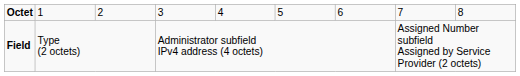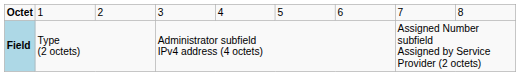 <table class="wikitable" style="width: 800px">
 <tr>
 <td><strong>Octet</strong></td>
 <td width=12%>1</td>
 <td width=12%>2</td>
 <td width=12%>3</td>
 <td width=12%>4</td>
 <td width=12%>5</td>
 <td width=12%>6</td>
 <td width=12%>7</td>
 <td width=12%>8</td>
 </tr>
 <tr>
-<td><strong>Field</strong></td>
+<td style="background: lightblue;"><strong>Field</strong></td>
 <td colspan=2>Type<br>(2 octets)</td>
 <td colspan=4>Administrator subfield<br>IPv4 address (4 octets)</td>
 <td colspan=2>Assigned Number subfield<br>Assigned by Service Provider (2 octets)</td>
 </tr>
 </table>
